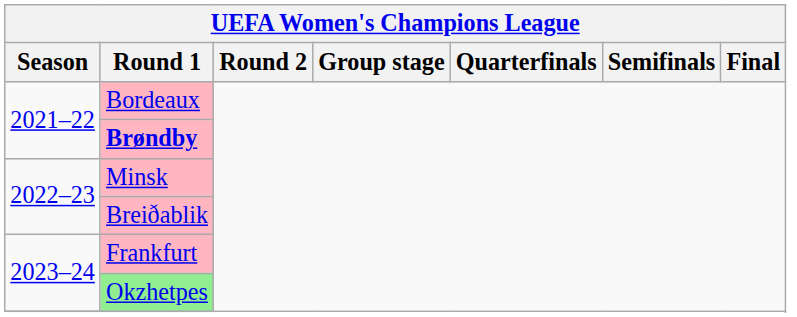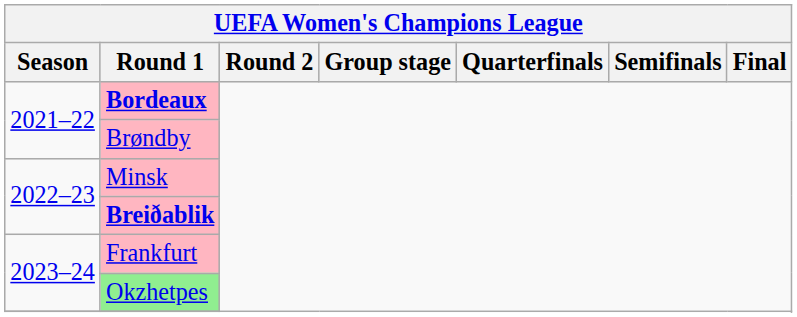 <table class="wikitable">
 <tr>
 <th colspan=20><a href='#'>UEFA Women's Champions League</a></th>
 </tr>
 <tr>
 <th>Season</th>
 <th>Round 1</th>
 <th>Round 2</th>
 <th>Group stage</th>
 <th>Quarterfinals</th>
 <th>Semifinals</th>
 <th>Final</th>
 </tr>
 <tr>
 <td rowspan=2><a href='#'>2021–22</a></td>
-<td bgcolor=lightpink> <a href='#'>Bordeaux</a></td>
+<td bgcolor=lightpink><strong> <a href='#'>Bordeaux</a></strong></td>
 </tr>
 <tr>
-<td bgcolor=lightpink><strong> <a href='#'>Brøndby</a></strong></td>
+<td bgcolor=lightpink> <a href='#'>Brøndby</a></td>
 </tr>
 <tr>
 <td rowspan=2><a href='#'>2022–23</a></td>
 <td bgcolor=lightpink> <a href='#'>Minsk</a></td>
 </tr>
 <tr>
-<td bgcolor=lightpink> <a href='#'>Breiðablik</a></td>
+<td bgcolor=lightpink><strong> <a href='#'>Breiðablik</a></strong></td>
 </tr>
 <tr>
 <td rowspan=2><a href='#'>2023–24</a></td>
 <td bgcolor=lightpink> <a href='#'>Frankfurt</a></td>
 </tr>
 <tr>
 <td bgcolor=lightgreen> <a href='#'>Okzhetpes</a></td>
 </tr>
 <tr>
 </tr>
 </table>
